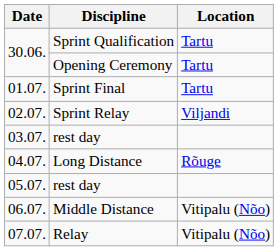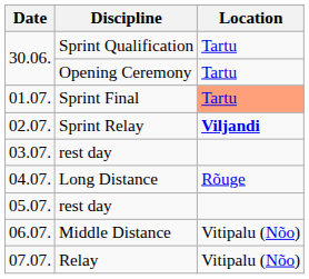 <table class="wikitable">
 <tr>
 <th>Date</th>
 <th>Discipline</th>
 <th>Location</th>
 </tr>
 <tr>
 <td rowspan="2">30.06.</td>
 <td>Sprint Qualification</td>
 <td><a href='#'>Tartu</a></td>
 </tr>
 <tr>
 <td>Opening Ceremony</td>
 <td><a href='#'>Tartu</a></td>
 </tr>
 <tr>
 <td>01.07.</td>
 <td>Sprint Final</td>
-<td><a href='#'>Tartu</a></td>
+<td style="background: lightsalmon;"><a href='#'>Tartu</a></td>
 </tr>
 <tr>
 <td>02.07.</td>
 <td>Sprint Relay</td>
-<td><a href='#'>Viljandi</a></td>
+<td><strong><a href='#'>Viljandi</a></strong></td>
 </tr>
 <tr>
 <td>03.07.</td>
 <td>rest day</td>
 <td></td>
 </tr>
 <tr>
 <td>04.07.</td>
 <td>Long Distance</td>
 <td><a href='#'>Rõuge</a></td>
 </tr>
 <tr>
 <td>05.07.</td>
 <td>rest day</td>
 <td></td>
 </tr>
 <tr>
 <td>06.07.</td>
 <td>Middle Distance</td>
 <td>Vitipalu (<a href='#'>Nõo</a>)</td>
 </tr>
 <tr>
 <td>07.07.</td>
 <td>Relay</td>
 <td>Vitipalu (<a href='#'>Nõo</a>)</td>
 </tr>
 </table>
